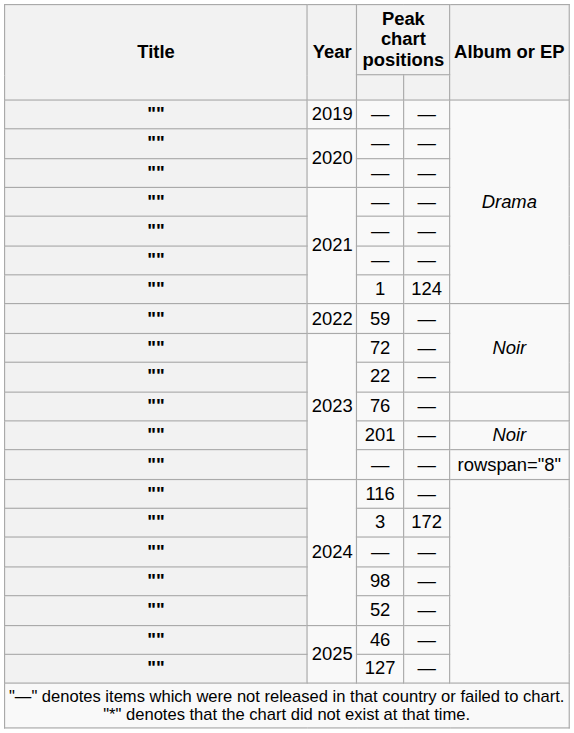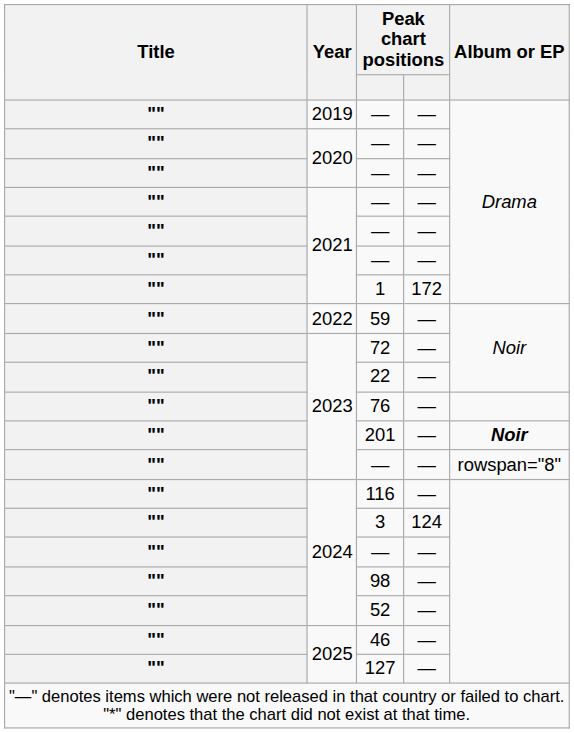 <table class="wikitable plainrowheaders" style="text-align:center;">
 <tr>
 <th rowspan="2" style="width:16em;">Title</th>
 <th rowspan="2" style="width:1em;">Year</th>
 <th colspan="2">Peak chart positions</th>
 <th rowspan="2">Album or EP</th>
 </tr>
 <tr>
 <th scope="col" style="width:2.5em;font-size:85%;"><a href='#'></a><br></th>
 <th scope="col" style="width:2.5em;font-size:85%;"><a href='#'></a><br></th>
 </tr>
 <tr>
 <th scope="row">""</th>
 <td>2019</td>
 <td>—</td>
 <td>—</td>
 <td rowspan="7"><em>Drama</em></td>
 </tr>
 <tr>
 <th scope="row">""</th>
 <td rowspan="2">2020</td>
 <td>—</td>
 <td>—</td>
 </tr>
 <tr>
 <th scope="row">""</th>
 <td>—</td>
 <td>—</td>
 </tr>
 <tr>
 <th scope="row">""</th>
 <td rowspan="4">2021</td>
 <td>—</td>
 <td>—</td>
 </tr>
 <tr>
 <th scope="row">""</th>
 <td>—</td>
 <td>—</td>
 </tr>
 <tr>
 <th scope="row">""</th>
 <td>—</td>
 <td>—</td>
 </tr>
 <tr>
 <th scope="row">""</th>
 <td>1</td>
-<td>124</td>
+<td>172</td>
 </tr>
 <tr>
 <th scope="row">""</th>
 <td>2022</td>
 <td>59</td>
 <td>—</td>
 <td rowspan="3"><em>Noir</em></td>
 </tr>
 <tr>
 <th scope="row">""</th>
 <td rowspan="5">2023</td>
 <td>72</td>
 <td>—</td>
 </tr>
 <tr>
 <th scope="row">""</th>
 <td>22</td>
 <td>—</td>
 </tr>
 <tr>
 <th scope="row">"" <br></th>
 <td>76</td>
 <td>—</td>
 <td></td>
 </tr>
 <tr>
 <th scope="row">""</th>
 <td>201</td>
 <td>—</td>
-<td><em>Noir</em></td>
+<td><strong><em>Noir</em></strong></td>
 </tr>
 <tr>
 <th scope="row">"" <br></th>
 <td>—</td>
 <td>—</td>
 <td>rowspan="8" </td>
 </tr>
 <tr>
 <th scope="row">""</th>
 <td rowspan="5">2024</td>
 <td>116</td>
 <td>—</td>
 </tr>
 <tr>
 <th scope="row">""</th>
 <td>3</td>
-<td>172</td>
+<td>124</td>
 </tr>
 <tr>
 <th scope="row">""<br></th>
 <td>—</td>
 <td>—</td>
 </tr>
 <tr>
 <th scope="row">""<br></th>
 <td>98</td>
 <td>—</td>
 </tr>
 <tr>
 <th scope="row">""</th>
 <td>52</td>
 <td>—</td>
 </tr>
 <tr>
 <th scope="row">""</th>
 <td rowspan="2">2025</td>
 <td>46</td>
 <td>—</td>
 </tr>
 <tr>
 <th scope="row">""</th>
 <td>127</td>
 <td>—</td>
 </tr>
 <tr>
 <td colspan="5" style="font-size:90%;">"—" denotes items which were not released in that country or failed to chart.<br>"*" denotes that the chart did not exist at that time.</td>
 </tr>
 </table>
